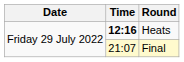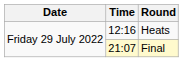 <table class="wikitable">
 <tr>
 <th>Date</th>
 <th>Time</th>
 <th>Round</th>
 </tr>
 <tr>
 <td rowspan=2>Friday 29 July 2022</td>
-<td><strong>12:16</strong></td>
+<td>12:16</td>
 <td>Heats</td>
 </tr>
 <tr>
 <td style=background:lemonchiffon>21:07</td>
 <td style=background:lemonchiffon>Final</td>
 </tr>
 </table>
